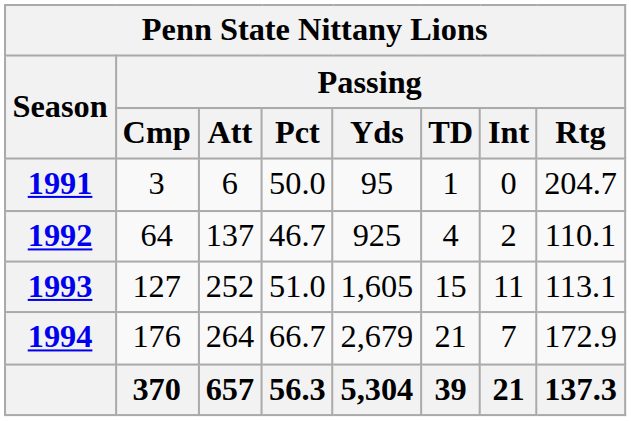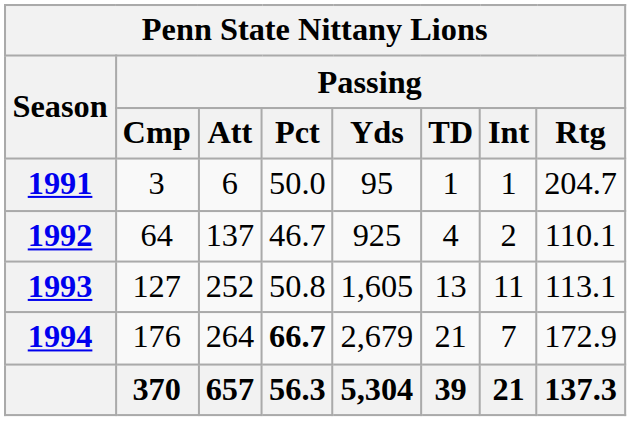 <table class="wikitable" style="text-align:center;">
 <tr>
 <th colspan="11">Penn State Nittany Lions</th>
 </tr>
 <tr>
 <th rowspan="2">Season</th>
 <th colspan="7">Passing</th>
 </tr>
 <tr>
 <th>Cmp</th>
 <th>Att</th>
 <th>Pct</th>
 <th>Yds</th>
 <th>TD</th>
 <th>Int</th>
 <th>Rtg</th>
 </tr>
 <tr>
 <th><a href='#'>1991</a></th>
 <td>3</td>
 <td>6</td>
 <td>50.0</td>
 <td>95</td>
 <td>1</td>
-<td>0</td>
+<td>1</td>
 <td>204.7</td>
 </tr>
 <tr>
 <th><a href='#'>1992</a></th>
 <td>64</td>
 <td>137</td>
 <td>46.7</td>
 <td>925</td>
 <td>4</td>
 <td>2</td>
 <td>110.1</td>
 </tr>
 <tr>
 <th><a href='#'>1993</a></th>
 <td>127</td>
 <td>252</td>
-<td>51.0</td>
+<td>50.8</td>
 <td>1,605</td>
-<td>15</td>
+<td>13</td>
 <td>11</td>
 <td>113.1</td>
 </tr>
 <tr>
 <th><a href='#'>1994</a></th>
 <td>176</td>
 <td>264</td>
-<td>66.7</td>
+<td><strong>66.7</strong></td>
 <td>2,679</td>
 <td>21</td>
 <td>7</td>
 <td>172.9</td>
 </tr>
 <tr>
 <th></th>
 <th>370</th>
 <th>657</th>
 <th>56.3</th>
 <th>5,304</th>
 <th>39</th>
 <th>21</th>
 <th>137.3</th>
 </tr>
 </table>
